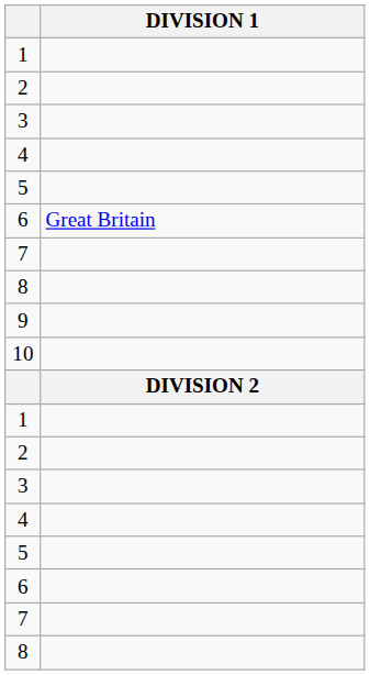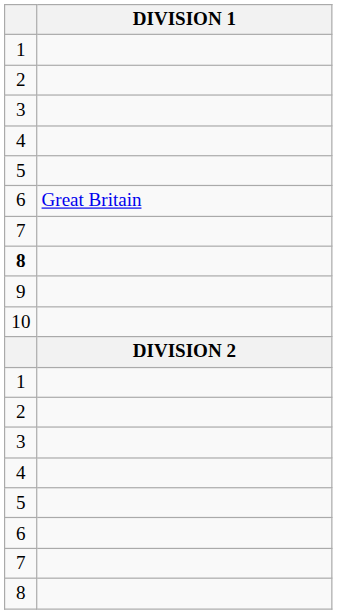 <table class="wikitable" style="text-align: center;">
 <tr>
 <th width=20></th>
 <th width=240>DIVISION 1</th>
 </tr>
 <tr>
 <td>1</td>
 <td align="left"></td>
 </tr>
 <tr>
 <td>2</td>
 <td align="left"></td>
 </tr>
 <tr>
 <td>3</td>
 <td align="left"></td>
 </tr>
 <tr>
 <td>4</td>
 <td align="left"></td>
 </tr>
 <tr>
 <td>5</td>
 <td align="left"></td>
 </tr>
 <tr>
 <td>6</td>
 <td align="left"> <a href='#'>Great Britain</a></td>
 </tr>
 <tr>
 <td>7</td>
 <td align="left"></td>
 </tr>
 <tr>
-<td>8</td>
+<td><strong>8</strong></td>
 <td align="left"></td>
 </tr>
 <tr>
 <td>9</td>
 <td align="left"></td>
 </tr>
 <tr>
 <td>10</td>
 <td align="left"></td>
 </tr>
 <tr>
 <th width=20></th>
 <th width=240>DIVISION 2</th>
 </tr>
 <tr>
 <td>1</td>
 <td align="left"></td>
 </tr>
 <tr>
 <td>2</td>
 <td align="left"></td>
 </tr>
 <tr>
 <td>3</td>
 <td align="left"></td>
 </tr>
 <tr>
 <td>4</td>
 <td align="left"></td>
 </tr>
 <tr>
 <td>5</td>
 <td align="left"></td>
 </tr>
 <tr>
 <td>6</td>
 <td align="left"></td>
 </tr>
 <tr>
 <td>7</td>
 <td align="left"></td>
 </tr>
 <tr>
 <td>8</td>
 <td align="left"></td>
 </tr>
 </table>
